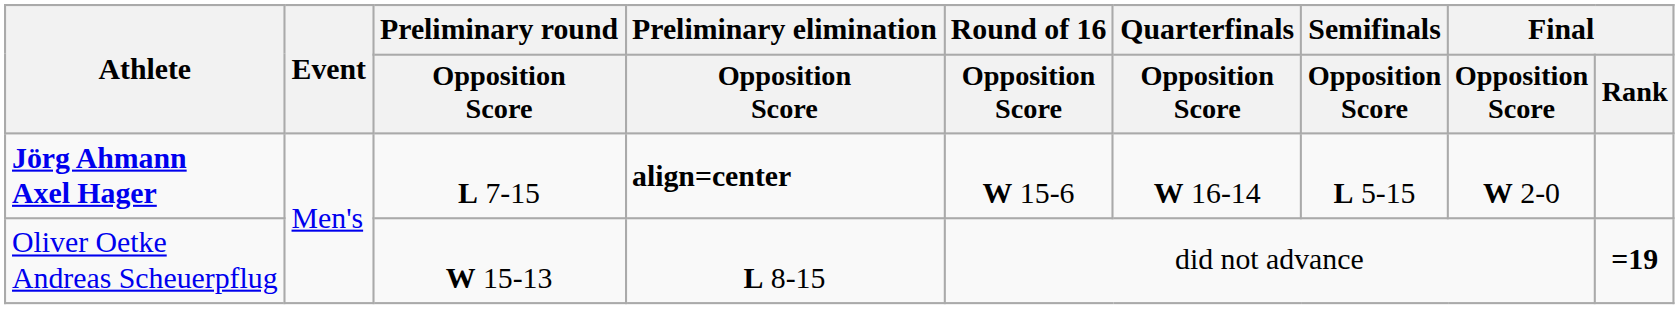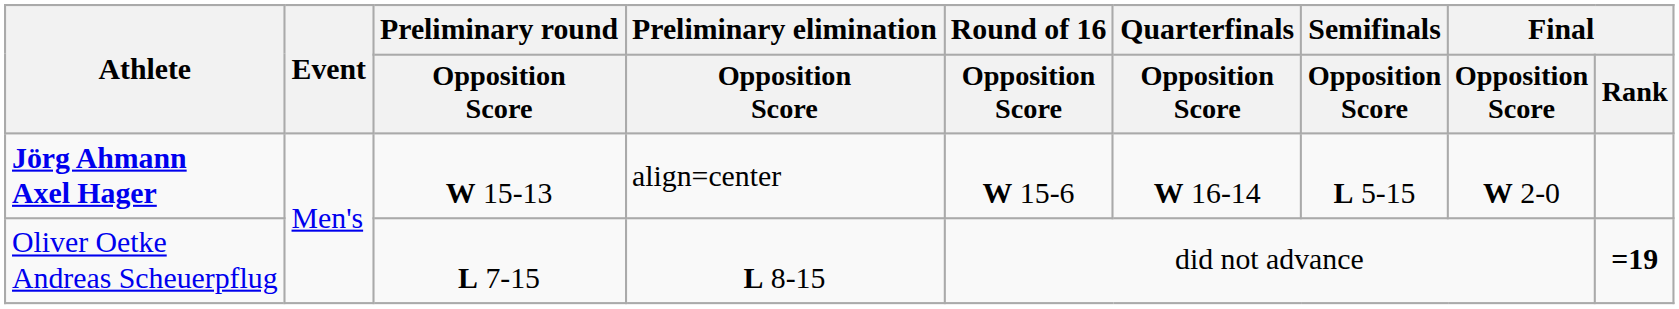 <table class=wikitable style="font-size:90%">
 <tr>
 <th rowspan="2">Athlete</th>
 <th rowspan="2">Event</th>
 <th>Preliminary round</th>
 <th>Preliminary elimination</th>
 <th>Round of 16</th>
 <th>Quarterfinals</th>
 <th>Semifinals</th>
 <th colspan=2>Final</th>
 </tr>
 <tr style="font-size:95%">
 <th>Opposition<br>Score</th>
 <th>Opposition<br>Score</th>
 <th>Opposition<br>Score</th>
 <th>Opposition<br>Score</th>
 <th>Opposition<br>Score</th>
 <th>Opposition<br>Score</th>
 <th>Rank</th>
 </tr>
 <tr>
 <td align=left><strong><a href='#'>Jörg Ahmann</a></strong><br><strong><a href='#'>Axel Hager</a></strong></td>
 <td align=left rowspan=2><a href='#'>Men's</a></td>
-<td align=center><br><strong>L</strong> 7-15</td>
-<td><strong>align=center </strong></td>
+<td align=center><br><strong>W</strong> 15-13</td>
+<td>align=center </td>
 <td align=center><br><strong>W</strong> 15-6</td>
 <td align=center><br><strong>W</strong> 16-14</td>
 <td align=center><br><strong>L</strong> 5-15</td>
 <td align=center><br><strong>W</strong> 2-0</td>
 <td align=center></td>
 </tr>
 <tr>
 <td align=left><a href='#'>Oliver Oetke</a><br> <a href='#'>Andreas Scheuerpflug</a></td>
-<td align=center><br><strong>W</strong> 15-13</td>
+<td align=center><br><strong>L</strong> 7-15</td>
 <td align=center><br><strong>L</strong> 8-15</td>
 <td align=center colspan=4>did not advance</td>
 <td align=center><strong>=19</strong></td>
 </tr>
 </table>
